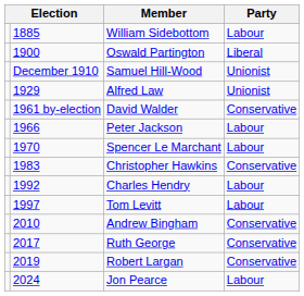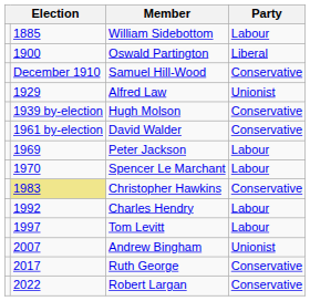 <table class="wikitable">
 <tr>
 <th colspan="2">Election</th>
 <th>Member</th>
 <th>Party</th>
 </tr>
 <tr>
 <td style="color:inherit;background-color: "></td>
 <td><a href='#'>1885</a></td>
 <td><a href='#'>William Sidebottom</a></td>
 <td><a href='#'>Labour</a></td>
 </tr>
 <tr>
 <td style="color:inherit;background-color: "></td>
 <td><a href='#'>1900</a></td>
 <td><a href='#'>Oswald Partington</a></td>
 <td><a href='#'>Liberal</a></td>
 </tr>
 <tr>
 <td style="color:inherit;background-color: "></td>
 <td><a href='#'>December 1910</a></td>
 <td><a href='#'>Samuel Hill-Wood</a></td>
-<td><a href='#'>Unionist</a></td>
+<td><a href='#'>Conservative</a></td>
 </tr>
 <tr>
 <td style="color:inherit;background-color: "></td>
 <td><a href='#'>1929</a></td>
 <td><a href='#'>Alfred Law</a></td>
 <td><a href='#'>Unionist</a></td>
 </tr>
 <tr>
 <td style="color:inherit;background-color: "></td>
+<td High Peak by-election, 1939><a href='#'>1939 by-election</a></td>
+<td><a href='#'>Hugh Molson</a></td>
+<td><a href='#'>Conservative</a></td>
+</tr>
+<tr>
+<td style="color:inherit;background-color: "></td>
 <td High Peak by-election, 1961><a href='#'>1961 by-election</a></td>
 <td><a href='#'>David Walder</a></td>
 <td><a href='#'>Conservative</a></td>
 </tr>
 <tr>
 <td style="color:inherit;background-color: "></td>
-<td><a href='#'>1966</a></td>
+<td><a href='#'>1969</a></td>
 <td><a href='#'>Peter Jackson</a></td>
 <td><a href='#'>Labour</a></td>
 </tr>
 <tr>
 <td style="color:inherit;background-color: "></td>
 <td><a href='#'>1970</a></td>
 <td><a href='#'>Spencer Le Marchant</a></td>
 <td><a href='#'>Labour</a></td>
 </tr>
 <tr>
 <td style="color:inherit;background-color: "></td>
-<td><a href='#'>1983</a></td>
+<td style="background: khaki;"><a href='#'>1983</a></td>
 <td><a href='#'>Christopher Hawkins</a></td>
 <td><a href='#'>Conservative</a></td>
 </tr>
 <tr>
 <td style="color:inherit;background-color: "></td>
 <td><a href='#'>1992</a></td>
 <td><a href='#'>Charles Hendry</a></td>
 <td><a href='#'>Labour</a></td>
 </tr>
 <tr>
 <td style="color:inherit;background-color: "></td>
 <td><a href='#'>1997</a></td>
 <td><a href='#'>Tom Levitt</a></td>
 <td><a href='#'>Labour</a></td>
 </tr>
 <tr>
 <td style="color:inherit;background-color: "></td>
-<td><a href='#'>2010</a></td>
+<td><a href='#'>2007</a></td>
 <td><a href='#'>Andrew Bingham</a></td>
-<td><a href='#'>Conservative</a></td>
+<td><a href='#'>Unionist</a></td>
 </tr>
 <tr>
 <td style="color:inherit;background-color: "></td>
 <td><a href='#'>2017</a></td>
 <td><a href='#'>Ruth George</a></td>
 <td><a href='#'>Conservative</a></td>
 </tr>
 <tr>
 <td style="color:inherit;background-color: "></td>
-<td><a href='#'>2019</a></td>
+<td><a href='#'>2022</a></td>
 <td><a href='#'>Robert Largan</a></td>
 <td><a href='#'>Conservative</a></td>
 </tr>
-<tr>
-<td style="color:inherit;background-color: "></td>
-<td><a href='#'>2024</a></td>
-<td><a href='#'>Jon Pearce</a></td>
-<td><a href='#'>Labour</a></td>
-</tr>
 </table>
